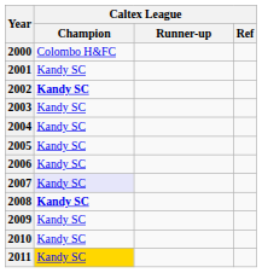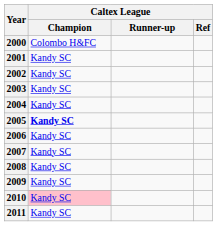 <table class="wikitable sortable">
 <tr>
 <th rowspan=2>Year</th>
 <th colspan=3>Caltex League</th>
 </tr>
 <tr>
 <th style="width:8em;">Champion</th>
 <th style="width:8em;">Runner-up</th>
 <th class="unsortable">Ref</th>
 </tr>
 <tr>
 <th>2000</th>
 <td><a href='#'>Colombo H&FC</a></td>
 <td></td>
 <td></td>
 </tr>
 <tr>
 <th>2001</th>
 <td><a href='#'>Kandy SC</a></td>
 <td></td>
 <td></td>
 </tr>
 <tr>
 <th>2002</th>
-<td><strong><a href='#'>Kandy SC</a></strong></td>
+<td><a href='#'>Kandy SC</a></td>
 <td></td>
 <td></td>
 </tr>
 <tr>
 <th>2003</th>
 <td><a href='#'>Kandy SC</a></td>
 <td></td>
 <td></td>
 </tr>
 <tr>
 <th>2004</th>
 <td><a href='#'>Kandy SC</a></td>
 <td></td>
 <td></td>
 </tr>
 <tr>
 <th>2005</th>
-<td><a href='#'>Kandy SC</a></td>
+<td><strong><a href='#'>Kandy SC</a></strong></td>
 <td></td>
 <td></td>
 </tr>
 <tr>
 <th>2006</th>
 <td><a href='#'>Kandy SC</a></td>
 <td></td>
 <td></td>
 </tr>
 <tr>
 <th>2007</th>
-<td style="background: lavender;"><a href='#'>Kandy SC</a></td>
+<td><a href='#'>Kandy SC</a></td>
 <td></td>
 <td></td>
 </tr>
 <tr>
 <th>2008</th>
-<td><strong><a href='#'>Kandy SC</a></strong></td>
+<td><a href='#'>Kandy SC</a></td>
 <td></td>
 <td></td>
 </tr>
 <tr>
 <th>2009</th>
 <td><a href='#'>Kandy SC</a></td>
 <td></td>
 <td></td>
 </tr>
 <tr>
 <th>2010</th>
-<td><a href='#'>Kandy SC</a></td>
+<td style="background: pink;"><a href='#'>Kandy SC</a></td>
 <td></td>
 <td></td>
 </tr>
 <tr>
 <th>2011</th>
-<td style="background: gold;"><a href='#'>Kandy SC</a></td>
+<td><a href='#'>Kandy SC</a></td>
 <td></td>
 <td></td>
 </tr>
 </table>
